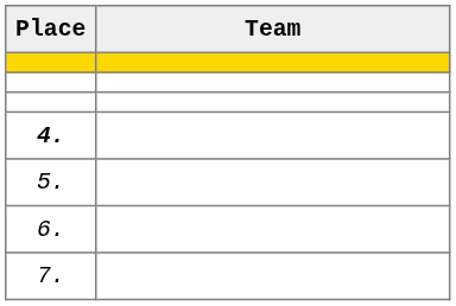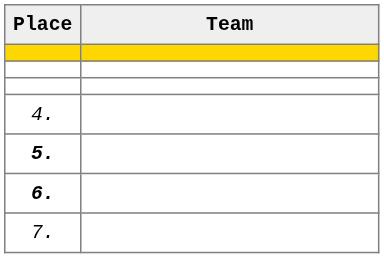 <table style=border-collapse:collapse border=1 cellspacing=0 cellpadding=5>
 <tr align=center bgcolor=#efefef>
 <th width=35>Place</th>
 <th width=185>Team</th>
 </tr>
 <tr align=center bgcolor=gold>
 <td></td>
 <td style="text-align:left;"></td>
 </tr>
 <tr align=center>
 <td></td>
 <td style="text-align:left;"></td>
 </tr>
 <tr align=center>
 <td></td>
 <td style="text-align:left;"></td>
 </tr>
 <tr align=center>
-<td><strong><em>4.</em></strong></td>
+<td><em>4.</em></td>
 <td style="text-align:left;"></td>
 </tr>
 <tr align=center>
-<td><em>5.</em></td>
+<td><strong><em>5.</em></strong></td>
 <td style="text-align:left;"></td>
 </tr>
 <tr align=center>
-<td><em>6.</em></td>
+<td><strong><em>6.</em></strong></td>
 <td style="text-align:left;"></td>
 </tr>
 <tr align=center>
 <td><em>7.</em></td>
 <td style="text-align:left;"></td>
 </tr>
 </table>
